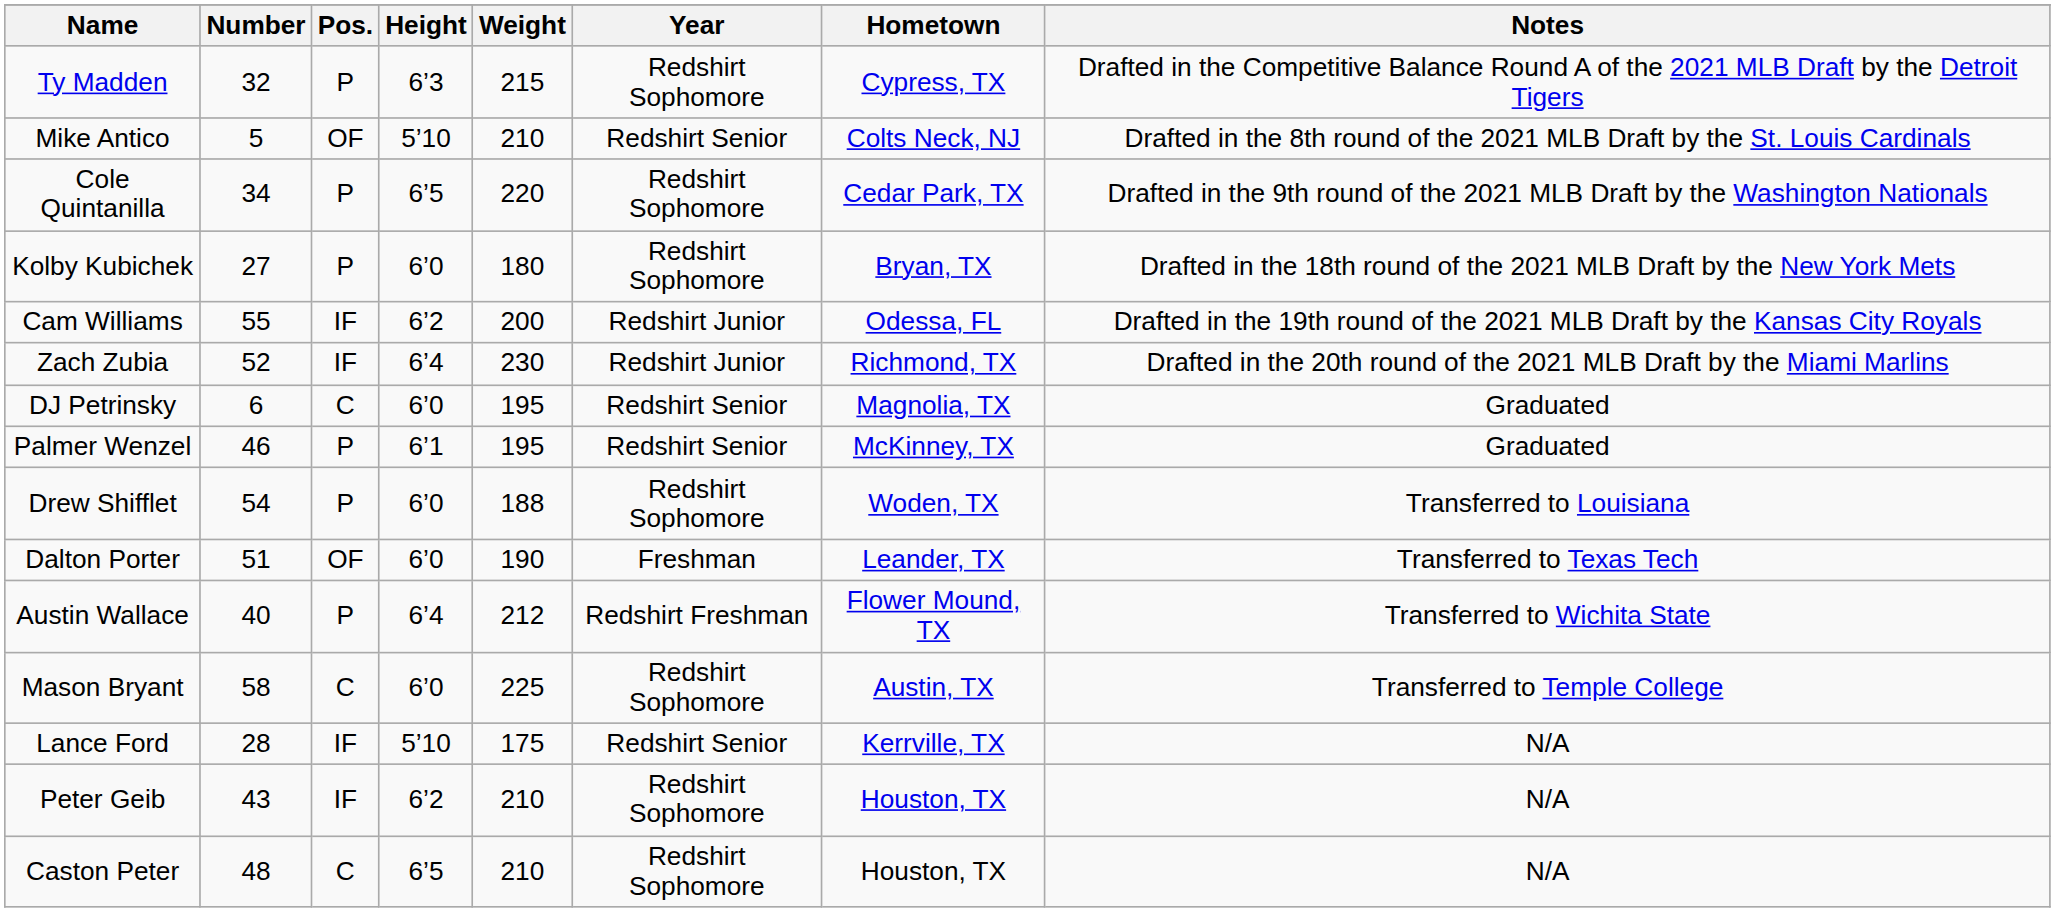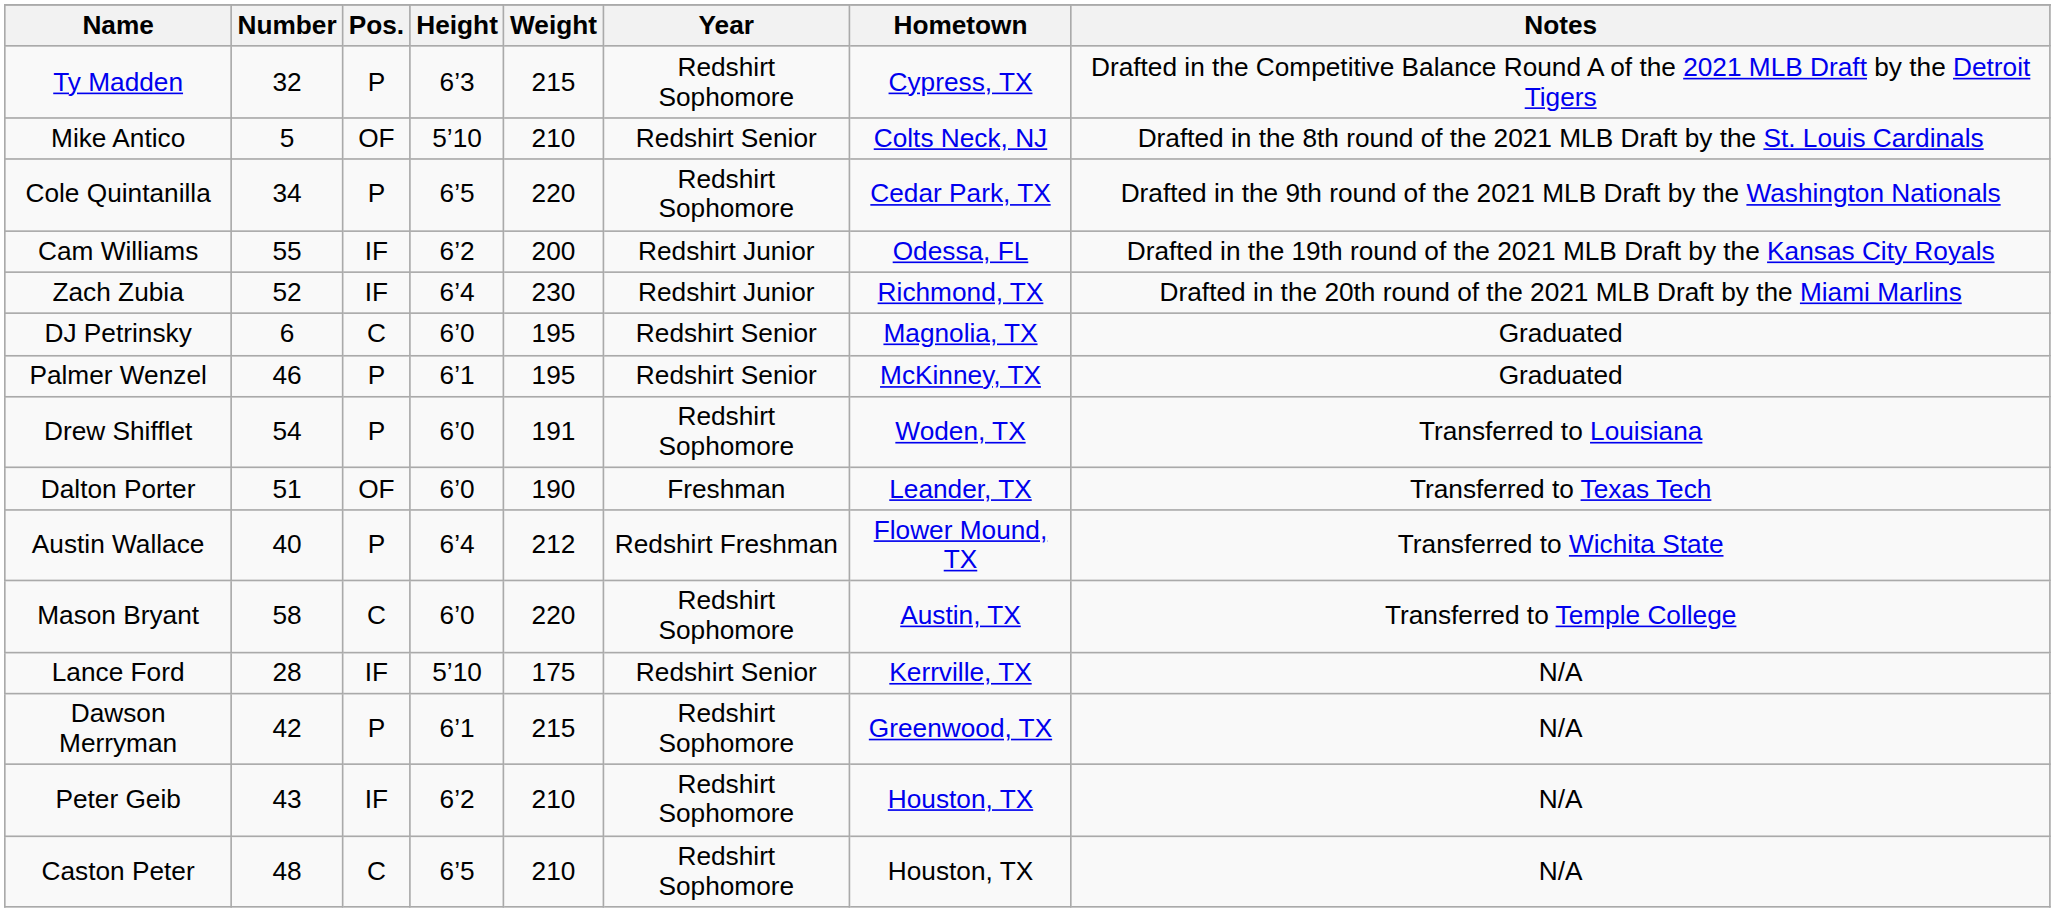 <table class="wikitable sortable">
 <tr>
 </tr>
 <tr>
 <th style="text-align:center; ">Name</th>
 <th style="text-align:center; ">Number</th>
 <th style="text-align:center; ">Pos.</th>
 <th style="text-align:center; ">Height</th>
 <th style="text-align:center; ">Weight</th>
 <th style="text-align:center; ">Year</th>
 <th style="text-align:center; ">Hometown</th>
 <th style="text-align:center; ">Notes</th>
 </tr>
 <tr align="center">
 <td><a href='#'>Ty Madden</a></td>
 <td>32</td>
 <td>P</td>
 <td>6’3</td>
 <td>215</td>
 <td>Redshirt Sophomore</td>
 <td><a href='#'>Cypress, TX</a></td>
 <td>Drafted in the Competitive Balance Round A of the <a href='#'>2021 MLB Draft</a> by the <a href='#'>Detroit Tigers</a></td>
 </tr>
 <tr align="center">
 <td>Mike Antico</td>
 <td>5</td>
 <td>OF</td>
 <td>5’10</td>
 <td>210</td>
 <td>Redshirt Senior</td>
 <td><a href='#'>Colts Neck, NJ</a></td>
 <td>Drafted in the 8th round of the 2021 MLB Draft by the <a href='#'>St. Louis Cardinals</a></td>
 </tr>
 <tr align="center">
 <td>Cole Quintanilla</td>
 <td>34</td>
 <td>P</td>
 <td>6’5</td>
 <td>220</td>
 <td>Redshirt Sophomore</td>
 <td><a href='#'>Cedar Park, TX</a></td>
 <td>Drafted in the 9th round of the 2021 MLB Draft by the <a href='#'>Washington Nationals</a></td>
-</tr>
-<tr align="center">
-<td>Kolby Kubichek</td>
-<td>27</td>
-<td>P</td>
-<td>6’0</td>
-<td>180</td>
-<td>Redshirt Sophomore</td>
-<td><a href='#'>Bryan, TX</a></td>
-<td>Drafted in the 18th round of the 2021 MLB Draft by the <a href='#'>New York Mets</a></td>
 </tr>
 <tr align="center">
 <td>Cam Williams</td>
 <td>55</td>
 <td>IF</td>
 <td>6’2</td>
 <td>200</td>
 <td>Redshirt Junior</td>
 <td><a href='#'>Odessa, FL</a></td>
 <td>Drafted in the 19th round of the 2021 MLB Draft by the <a href='#'>Kansas City Royals</a></td>
 </tr>
 <tr align="center">
 <td>Zach Zubia</td>
 <td>52</td>
 <td>IF</td>
 <td>6’4</td>
 <td>230</td>
 <td>Redshirt Junior</td>
 <td><a href='#'>Richmond, TX</a></td>
 <td>Drafted in the 20th round of the 2021 MLB Draft by the <a href='#'>Miami Marlins</a></td>
 </tr>
 <tr align="center">
 <td>DJ Petrinsky</td>
 <td>6</td>
 <td>C</td>
 <td>6’0</td>
 <td>195</td>
 <td>Redshirt Senior</td>
 <td><a href='#'>Magnolia, TX</a></td>
 <td>Graduated</td>
 </tr>
 <tr align="center">
 <td>Palmer Wenzel</td>
 <td>46</td>
 <td>P</td>
 <td>6’1</td>
 <td>195</td>
 <td>Redshirt Senior</td>
 <td><a href='#'>McKinney, TX</a></td>
 <td>Graduated</td>
 </tr>
 <tr align="center">
 <td>Drew Shifflet</td>
 <td>54</td>
 <td>P</td>
 <td>6’0</td>
-<td>188</td>
+<td>191</td>
 <td>Redshirt Sophomore</td>
 <td><a href='#'>Woden, TX</a></td>
 <td>Transferred to <a href='#'>Louisiana</a></td>
 </tr>
 <tr align="center">
 <td>Dalton Porter</td>
 <td>51</td>
 <td>OF</td>
 <td>6’0</td>
 <td>190</td>
 <td>Freshman</td>
 <td><a href='#'>Leander, TX</a></td>
 <td>Transferred to <a href='#'>Texas Tech</a></td>
 </tr>
 <tr align="center">
 <td>Austin Wallace</td>
 <td>40</td>
 <td>P</td>
 <td>6’4</td>
 <td>212</td>
 <td>Redshirt Freshman</td>
 <td><a href='#'>Flower Mound, TX</a></td>
 <td>Transferred to <a href='#'>Wichita State</a></td>
 </tr>
 <tr align="center">
 <td>Mason Bryant</td>
 <td>58</td>
 <td>C</td>
 <td>6’0</td>
-<td>225</td>
+<td>220</td>
 <td>Redshirt Sophomore</td>
 <td><a href='#'>Austin, TX</a></td>
 <td>Transferred to <a href='#'>Temple College</a></td>
 </tr>
 <tr align="center">
 <td>Lance Ford</td>
 <td>28</td>
 <td>IF</td>
 <td>5’10</td>
 <td>175</td>
 <td>Redshirt Senior</td>
 <td><a href='#'>Kerrville, TX</a></td>
+<td>N/A</td>
+</tr>
+<tr align="center">
+<td>Dawson Merryman</td>
+<td>42</td>
+<td>P</td>
+<td>6’1</td>
+<td>215</td>
+<td>Redshirt Sophomore</td>
+<td><a href='#'>Greenwood, TX</a></td>
 <td>N/A</td>
 </tr>
 <tr align="center">
 <td>Peter Geib</td>
 <td>43</td>
 <td>IF</td>
 <td>6’2</td>
 <td>210</td>
 <td>Redshirt Sophomore</td>
 <td><a href='#'>Houston, TX</a></td>
 <td>N/A</td>
 </tr>
 <tr align="center">
 <td>Caston Peter</td>
 <td>48</td>
 <td>C</td>
 <td>6’5</td>
 <td>210</td>
 <td>Redshirt Sophomore</td>
 <td>Houston, TX</td>
 <td>N/A</td>
 </tr>
 </table>
